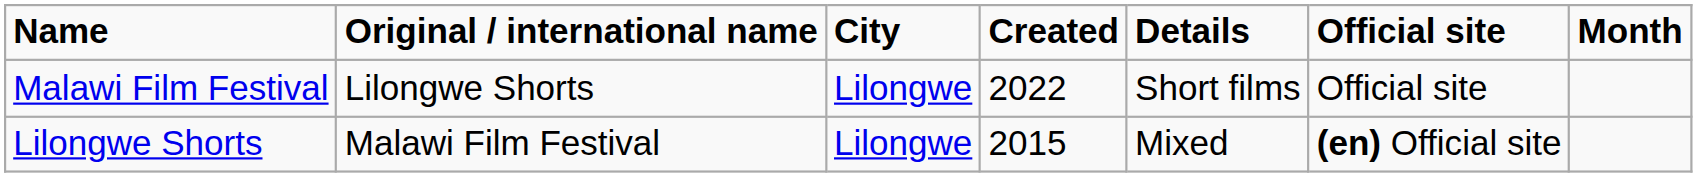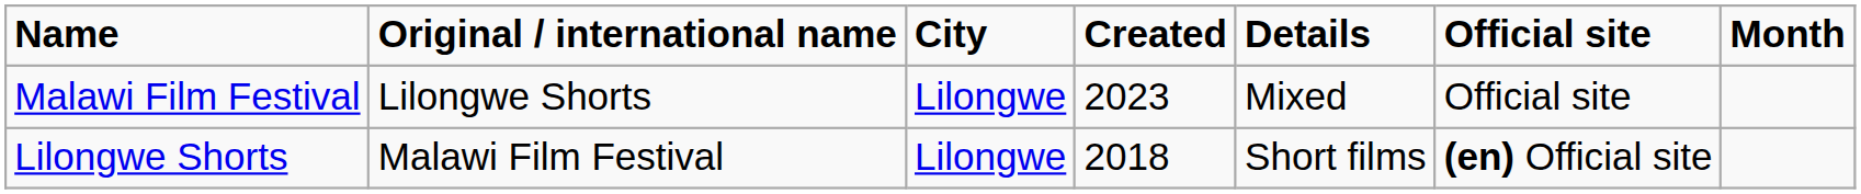 <table class="wikitable">
 <tr>
 <td><strong>Name</strong></td>
 <td><strong>Original / international name</strong></td>
 <td><strong>City</strong></td>
 <td><strong>Created</strong></td>
 <td><strong>Details</strong></td>
 <td><strong>Official site</strong></td>
 <td><strong>Month</strong></td>
 </tr>
 <tr>
 <td><a href='#'>Malawi Film Festival</a></td>
 <td>Lilongwe Shorts</td>
 <td><a href='#'>Lilongwe</a></td>
-<td>2022</td>
-<td>Short films</td>
+<td>2023</td>
+<td>Mixed</td>
 <td>Official site</td>
 <td></td>
 </tr>
 <tr>
 <td><a href='#'>Lilongwe Shorts</a></td>
 <td>Malawi Film Festival</td>
 <td><a href='#'>Lilongwe</a></td>
-<td>2015</td>
-<td>Mixed</td>
+<td>2018</td>
+<td>Short films</td>
 <td><strong>(en)</strong> Official site</td>
 <td></td>
 </tr>
 </table>
